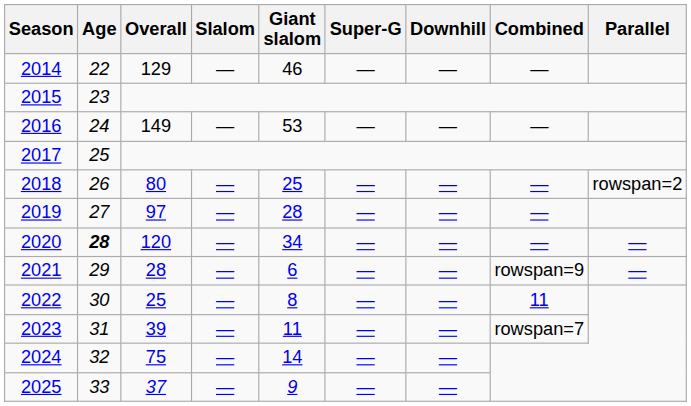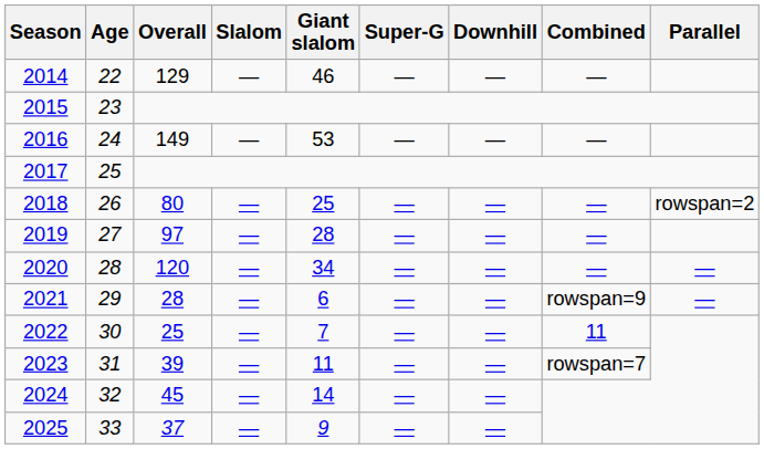 <table class=wikitable style="text-align:center">
 <tr>
 <th>Season</th>
 <th>Age</th>
 <th>Overall</th>
 <th>Slalom</th>
 <th>Giant<br>slalom</th>
 <th>Super-G</th>
 <th>Downhill</th>
 <th>Combined</th>
 <th>Parallel</th>
 </tr>
 <tr>
 <td><a href='#'>2014</a></td>
 <td><em>22</em></td>
 <td>129</td>
 <td>—</td>
 <td>46</td>
 <td>—</td>
 <td>—</td>
 <td>—</td>
 <td></td>
 </tr>
 <tr>
 <td><a href='#'>2015</a></td>
 <td><em>23</em></td>
 <td colspan=7><em></em></td>
 </tr>
 <tr>
 <td><a href='#'>2016</a></td>
 <td><em>24</em></td>
 <td>149</td>
 <td>—</td>
 <td>53</td>
 <td>—</td>
 <td>—</td>
 <td>—</td>
 <td></td>
 </tr>
 <tr>
 <td><a href='#'>2017</a></td>
 <td><em>25</em></td>
 <td colspan=7><em></em></td>
 </tr>
 <tr>
 <td><a href='#'>2018</a></td>
 <td><em>26</em></td>
 <td><a href='#'>80</a></td>
 <td><a href='#'>—</a></td>
 <td><a href='#'>25</a></td>
 <td><a href='#'>—</a></td>
 <td><a href='#'>—</a></td>
 <td><a href='#'>—</a></td>
 <td>rowspan=2 </td>
 </tr>
 <tr>
 <td><a href='#'>2019</a></td>
 <td><em>27</em></td>
 <td><a href='#'>97</a></td>
 <td><a href='#'>—</a></td>
 <td><a href='#'>28</a></td>
 <td><a href='#'>—</a></td>
 <td><a href='#'>—</a></td>
 <td><a href='#'>—</a></td>
 </tr>
 <tr>
 <td><a href='#'>2020</a></td>
-<td><strong><em>28</em></strong></td>
+<td><em>28</em></td>
 <td><a href='#'>120</a></td>
 <td><a href='#'>—</a></td>
 <td><a href='#'>34</a></td>
 <td><a href='#'>—</a></td>
 <td><a href='#'>—</a></td>
 <td><a href='#'>—</a></td>
 <td><a href='#'>—</a></td>
 </tr>
 <tr>
 <td><a href='#'>2021</a></td>
 <td><em>29</em></td>
 <td><a href='#'>28</a></td>
 <td><a href='#'>—</a></td>
 <td><a href='#'>6</a></td>
 <td><a href='#'>—</a></td>
 <td><a href='#'>—</a></td>
 <td>rowspan=9 </td>
 <td><a href='#'>—</a></td>
 </tr>
 <tr>
 <td><a href='#'>2022</a></td>
 <td><em>30</em></td>
 <td><a href='#'>25</a></td>
 <td><a href='#'>—</a></td>
-<td><a href='#'>8</a></td>
+<td><a href='#'>7</a></td>
 <td><a href='#'>—</a></td>
 <td><a href='#'>—</a></td>
 <td><a href='#'>11</a></td>
 </tr>
 <tr>
 <td><a href='#'>2023</a></td>
 <td><em>31</em></td>
 <td><a href='#'>39</a></td>
 <td><a href='#'>—</a></td>
 <td><a href='#'>11</a></td>
 <td><a href='#'>—</a></td>
 <td><a href='#'>—</a></td>
 <td>rowspan=7 </td>
 </tr>
 <tr>
 <td><a href='#'>2024</a></td>
 <td><em>32</em></td>
-<td><a href='#'>75</a></td>
+<td><a href='#'>45</a></td>
 <td><a href='#'>—</a></td>
 <td><a href='#'>14</a></td>
 <td><a href='#'>—</a></td>
 <td><a href='#'>—</a></td>
 </tr>
 <tr>
 <td><a href='#'>2025</a></td>
 <td><em>33</em></td>
 <td><a href='#'><em>37</em></a></td>
 <td><a href='#'>—</a></td>
 <td><a href='#'><em>9</em></a></td>
 <td><a href='#'>—</a></td>
 <td><a href='#'>—</a></td>
 </tr>
 </table>
